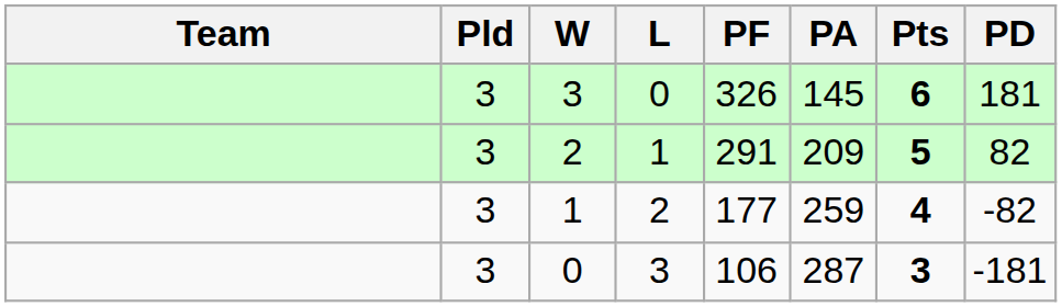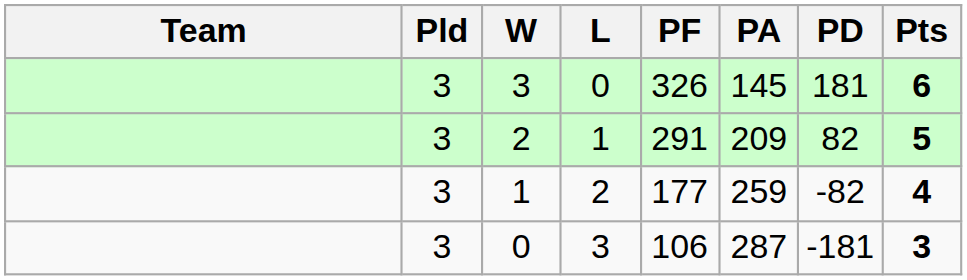 <table class=wikitable style="text-align:center">
 <tr>
 <th width=180>Team</th>
 <th width=30>Pld</th>
 <th width=30>W</th>
 <th width=30>L</th>
 <th width=30>PF</th>
 <th width=30>PA</th>
+<th width=30>PD</th>
 <th width=30>Pts</th>
-<th width=30>PD</th>
 </tr>
 <tr bgcolor="#ccffcc">
 <td align="left"></td>
 <td>3</td>
 <td>3</td>
 <td>0</td>
 <td>326</td>
 <td>145</td>
+<td>181</td>
 <td><strong>6</strong></td>
-<td>181</td>
 </tr>
 <tr bgcolor="#ccffcc">
 <td align="left"></td>
 <td>3</td>
 <td>2</td>
 <td>1</td>
 <td>291</td>
 <td>209</td>
+<td>82</td>
 <td><strong>5</strong></td>
-<td>82</td>
 </tr>
 <tr>
 <td align="left"></td>
 <td>3</td>
 <td>1</td>
 <td>2</td>
 <td>177</td>
 <td>259</td>
+<td>-82</td>
 <td><strong>4</strong></td>
-<td>-82</td>
 </tr>
 <tr>
 <td align="left"></td>
 <td>3</td>
 <td>0</td>
 <td>3</td>
 <td>106</td>
 <td>287</td>
+<td>-181</td>
 <td><strong>3</strong></td>
-<td>-181</td>
 </tr>
 </table>
